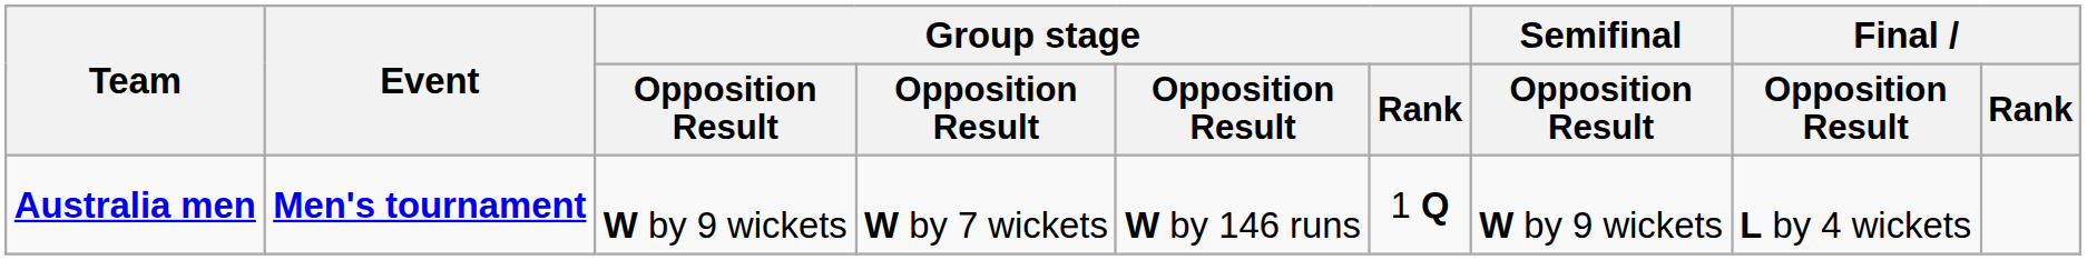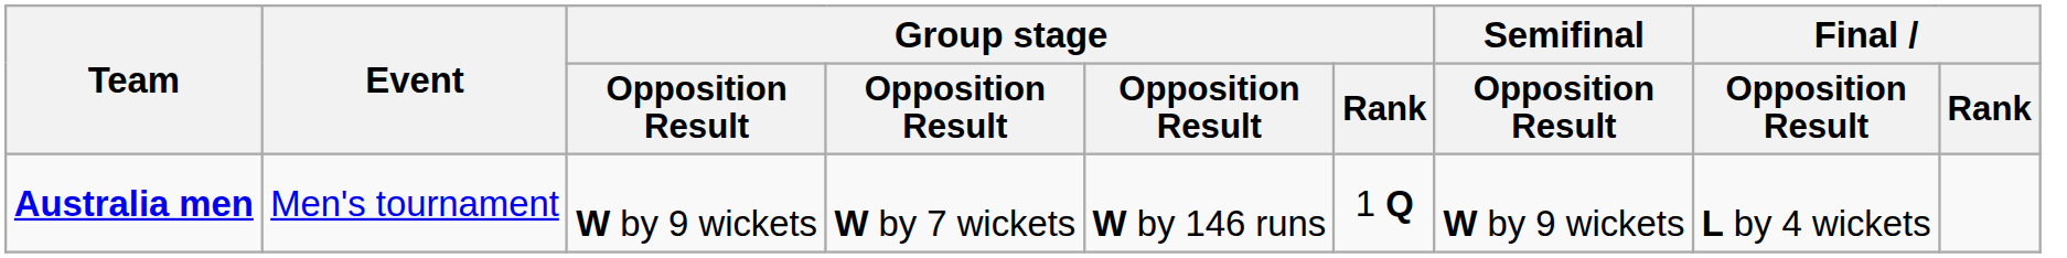 <table class=wikitable style=font-size:90%>
 <tr>
 <th rowspan=2>Team</th>
 <th rowspan=2>Event</th>
 <th colspan=4>Group stage</th>
 <th>Semifinal</th>
 <th colspan=2>Final / </th>
 </tr>
 <tr style=font-size:95%>
 <th>Opposition<br>Result</th>
 <th>Opposition<br>Result</th>
 <th>Opposition<br>Result</th>
 <th>Rank</th>
 <th>Opposition<br>Result</th>
 <th>Opposition<br>Result</th>
 <th>Rank</th>
 </tr>
 <tr align=center>
 <td align=left><strong><a href='#'>Australia men</a></strong></td>
-<td align=left><strong><a href='#'>Men's tournament</a></strong></td>
+<td align=left><a href='#'>Men's tournament</a></td>
 <td><br> <strong>W</strong> by 9 wickets</td>
 <td><br> <strong>W</strong> by 7 wickets</td>
 <td><br> <strong>W</strong> by 146 runs</td>
 <td>1 <strong>Q</strong></td>
 <td><br> <strong>W</strong> by 9 wickets</td>
 <td><br> <strong>L</strong> by 4 wickets</td>
 <td></td>
 </tr>
 </table>
